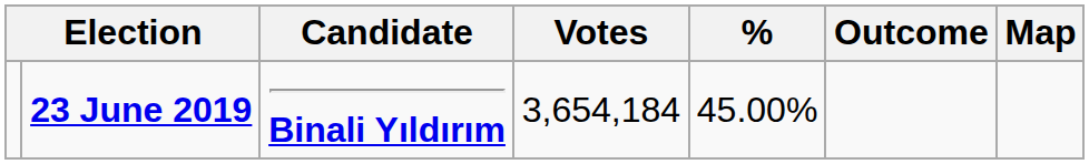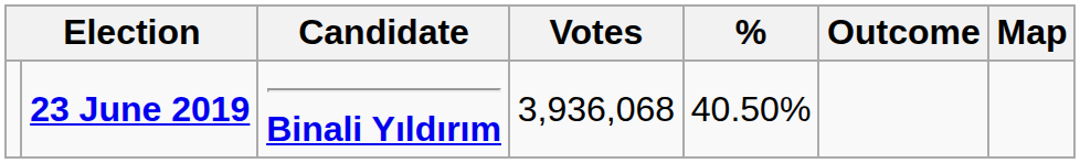 <table class="wikitable" text-align:center;">
 <tr>
 <th colspan=2>Election</th>
 <th>Candidate</th>
 <th>Votes</th>
 <th>%</th>
 <th>Outcome</th>
 <th>Map</th>
 </tr>
 <tr>
 <td style="background:"></td>
 <td><strong><a href='#'>23 June 2019</a></strong></td>
 <td><strong><hr><a href='#'>Binali Yıldırım</a></strong></td>
-<td>3,654,184</td>
-<td>45.00%</td>
+<td>3,936,068</td>
+<td>40.50%</td>
 <td></td>
 <td></td>
 </tr>
 <tr>
 </tr>
 </table>
